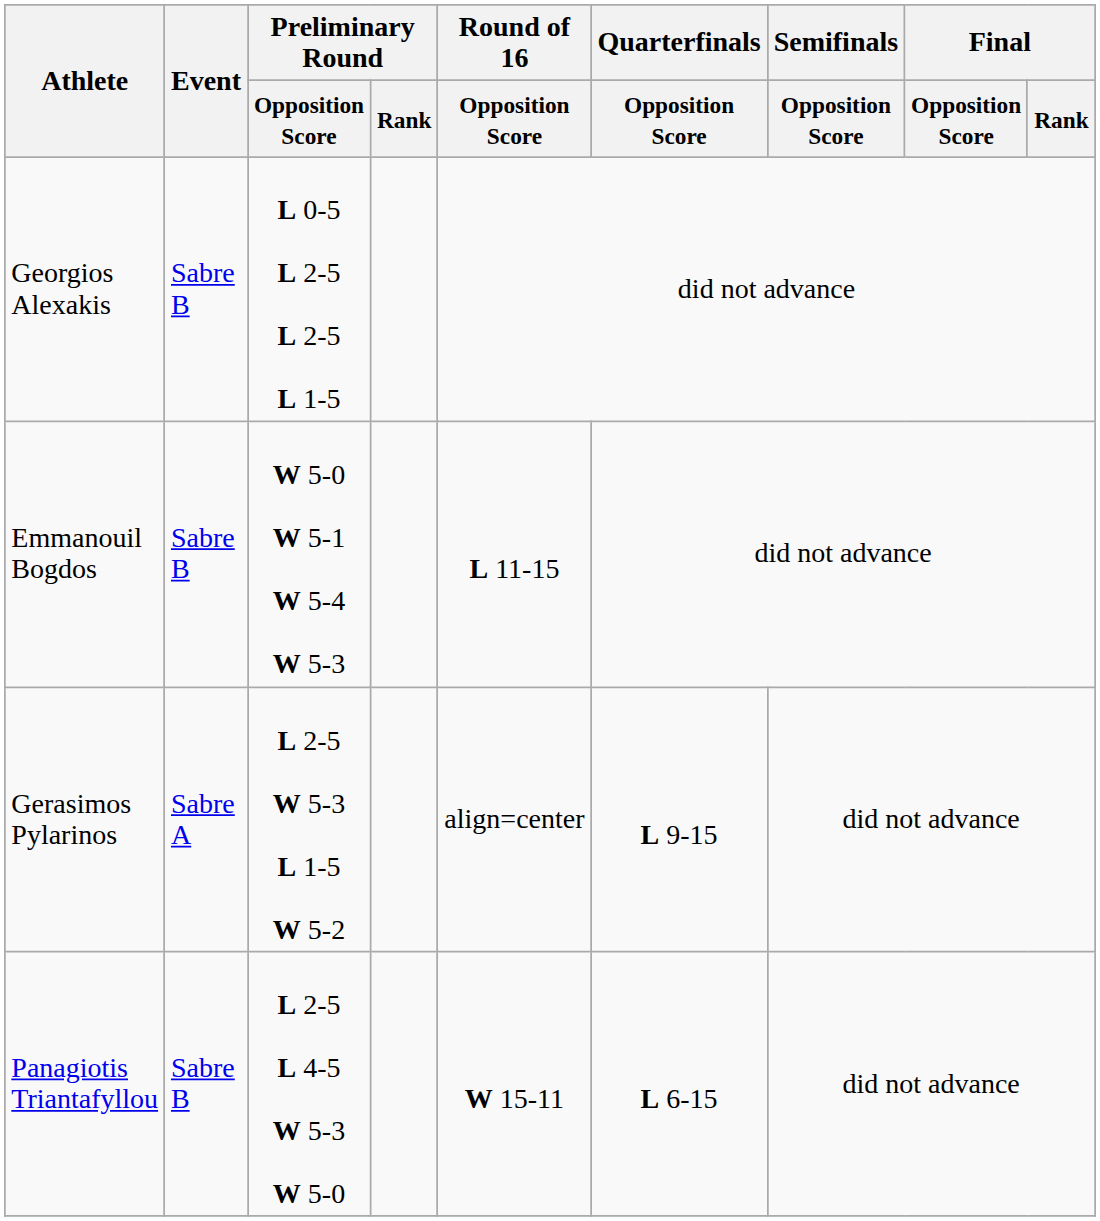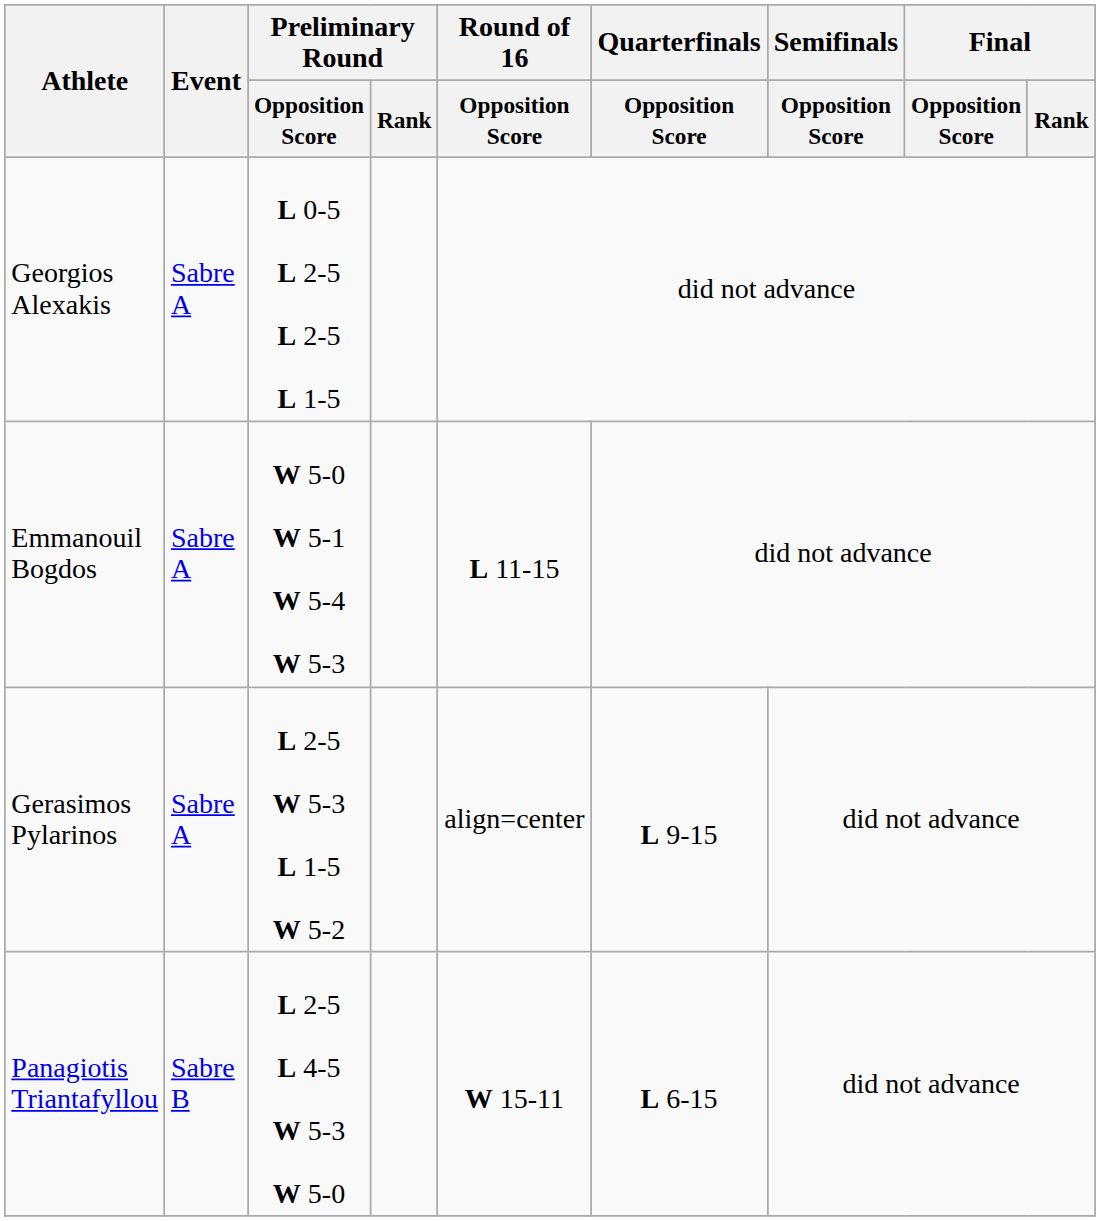 <table class=wikitable>
 <tr>
 <th rowspan="2">Athlete</th>
 <th rowspan="2">Event</th>
 <th colspan="2">Preliminary Round</th>
 <th>Round of 16</th>
 <th>Quarterfinals</th>
 <th>Semifinals</th>
 <th colspan=2>Final</th>
 </tr>
 <tr>
 <th><small>Opposition<br>Score</small></th>
 <th><small>Rank</small></th>
 <th><small>Opposition<br>Score</small></th>
 <th><small>Opposition<br>Score</small></th>
 <th><small>Opposition<br>Score</small></th>
 <th><small>Opposition<br>Score</small></th>
 <th><small>Rank</small></th>
 </tr>
 <tr>
 <td>Georgios Alexakis</td>
-<td><a href='#'>Sabre B</a></td>
+<td><a href='#'>Sabre A</a></td>
 <td align=center><br><strong>L</strong> 0-5<br><br><strong>L</strong> 2-5<br><br><strong>L</strong> 2-5<br><br><strong>L</strong> 1-5</td>
 <td align=center></td>
 <td align=center colspan=5>did not advance</td>
 </tr>
 <tr>
 <td>Emmanouil Bogdos</td>
-<td><a href='#'>Sabre B</a></td>
+<td><a href='#'>Sabre A</a></td>
 <td align=center><br><strong>W</strong> 5-0<br><br><strong>W</strong> 5-1<br><br><strong>W</strong> 5-4<br><br><strong>W</strong> 5-3</td>
 <td align=center></td>
 <td align=center><br><strong>L</strong> 11-15</td>
 <td align=center colspan=4>did not advance</td>
 </tr>
 <tr>
 <td>Gerasimos Pylarinos</td>
 <td><a href='#'>Sabre A</a></td>
 <td align=center><br><strong>L</strong> 2-5<br><br><strong>W</strong> 5-3<br><br><strong>L</strong> 1-5<br><br><strong>W</strong> 5-2</td>
 <td align=center></td>
 <td>align=center </td>
 <td align=center><br><strong>L</strong> 9-15</td>
 <td align=center colspan=3>did not advance</td>
 </tr>
 <tr>
 <td><a href='#'>Panagiotis Triantafyllou</a></td>
 <td><a href='#'>Sabre B</a></td>
 <td align=center><br><strong>L</strong> 2-5<br><br><strong>L</strong> 4-5<br><br><strong>W</strong> 5-3<br><br><strong>W</strong> 5-0</td>
 <td align=center></td>
 <td align=center><br><strong>W</strong> 15-11</td>
 <td align=center><br><strong>L</strong> 6-15</td>
 <td align=center colspan=3>did not advance</td>
 </tr>
 </table>
